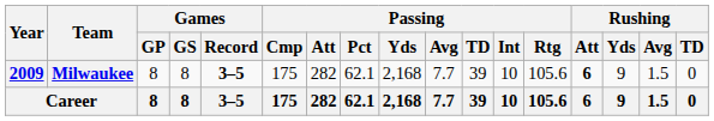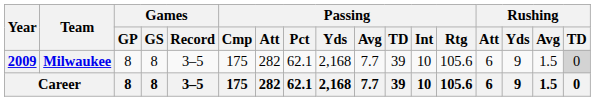 <table class="wikitable" style="text-align:center;">
 <tr>
 <th rowspan="2">Year</th>
 <th rowspan="2">Team</th>
 <th colspan="3">Games</th>
 <th colspan="8">Passing</th>
 <th colspan="4">Rushing</th>
 </tr>
 <tr>
 <th>GP</th>
 <th>GS</th>
 <th>Record</th>
 <th>Cmp</th>
 <th>Att</th>
 <th>Pct</th>
 <th>Yds</th>
 <th>Avg</th>
 <th>TD</th>
 <th>Int</th>
 <th>Rtg</th>
 <th>Att</th>
 <th>Yds</th>
 <th>Avg</th>
 <th>TD</th>
 </tr>
 <tr>
 <th><a href='#'>2009</a></th>
 <th><a href='#'>Milwaukee</a></th>
 <td>8</td>
 <td>8</td>
-<td><strong>3–5</strong></td>
+<td>3–5</td>
 <td>175</td>
 <td>282</td>
 <td>62.1</td>
 <td>2,168</td>
 <td>7.7</td>
 <td>39</td>
 <td>10</td>
 <td>105.6</td>
-<td><strong>6</strong></td>
+<td>6</td>
 <td>9</td>
 <td>1.5</td>
-<td>0</td>
+<td style="background: lightgrey;">0</td>
 </tr>
 <tr>
 <th colspan="2">Career</th>
 <th>8</th>
 <th>8</th>
 <th>3–5</th>
 <th>175</th>
 <th>282</th>
 <th>62.1</th>
 <th>2,168</th>
 <th>7.7</th>
 <th>39</th>
 <th>10</th>
 <th>105.6</th>
 <th>6</th>
 <th>9</th>
 <th>1.5</th>
 <th>0</th>
 </tr>
 </table>
